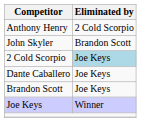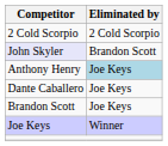 <table class="wikitable">
 <tr>
 <th>Competitor</th>
 <th>Eliminated by</th>
 </tr>
 <tr>
-<td>Anthony Henry</td>
+<td>2 Cold Scorpio</td>
 <td>2 Cold Scorpio</td>
 </tr>
 <tr>
-<td>John Skyler</td>
+<td style="background: lavender;">John Skyler</td>
 <td>Brandon Scott</td>
 </tr>
 <tr>
-<td>2 Cold Scorpio</td>
+<td>Anthony Henry</td>
 <td style="background: lightblue;">Joe Keys</td>
 </tr>
 <tr>
 <td>Dante Caballero</td>
 <td>Joe Keys</td>
 </tr>
 <tr>
 <td>Brandon Scott</td>
 <td>Joe Keys</td>
 </tr>
 <tr style="background: #CCCCFF;">
 <td>Joe Keys</td>
 <td>Winner</td>
 </tr>
 <tr>
 <td colspan="2"></td>
 </tr>
 <tr>
 </tr>
 </table>
